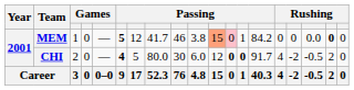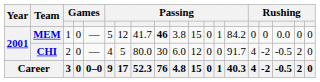 <table class="wikitable" style="text-align:center;">
 <tr>
 <th rowspan="2">Year</th>
 <th rowspan="2">Team</th>
 <th colspan="3">Games</th>
 <th colspan="9">Passing</th>
 <th colspan="5">Rushing</th>
 </tr>
 <tr>
 <th></th>
 <th></th>
 <th></th>
 <th></th>
 <th></th>
 <th></th>
 <th></th>
 <th></th>
 <th></th>
 <th></th>
 <th></th>
 <th></th>
 <th></th>
 <th></th>
 <th></th>
 <th></th>
 <th></th>
 </tr>
 <tr>
 <th rowspan="2"><a href='#'>2001</a></th>
 <th><a href='#'>MEM</a></th>
 <td>1</td>
 <td>0</td>
 <td>—</td>
-<td><strong>5</strong></td>
+<td>5</td>
 <td>12</td>
 <td>41.7</td>
-<td>46</td>
+<td><strong>46</strong></td>
 <td>3.8</td>
-<td style="background: lightsalmon;">15</td>
-<td style="background: pink;">0</td>
+<td>15</td>
+<td>0</td>
 <td>1</td>
 <td>84.2</td>
 <td>0</td>
 <td>0</td>
 <td>0.0</td>
-<td><strong>0</strong></td>
+<td>0</td>
 <td>0</td>
 </tr>
 <tr>
 <th><a href='#'>CHI</a></th>
 <td>2</td>
 <td>0</td>
 <td>—</td>
-<td><strong>4</strong></td>
+<td>4</td>
 <td>5</td>
 <td>80.0</td>
 <td>30</td>
 <td>6.0</td>
 <td>12</td>
-<td><strong>0</strong></td>
-<td><strong>0</strong></td>
+<td>0</td>
+<td>0</td>
 <td>91.7</td>
 <td>4</td>
 <td>-2</td>
 <td>-0.5</td>
 <td>2</td>
 <td>0</td>
 </tr>
 <tr>
 <th colspan="2">Career</th>
 <th>3</th>
 <th>0</th>
 <th>0–0</th>
 <th>9</th>
 <th>17</th>
 <th>52.3</th>
 <th>76</th>
 <th>4.8</th>
 <th>15</th>
 <th>0</th>
 <th>1</th>
 <th>40.3</th>
 <th>4</th>
 <th>-2</th>
 <th>-0.5</th>
 <th>2</th>
 <th>0</th>
 </tr>
 </table>
